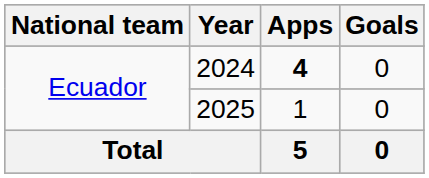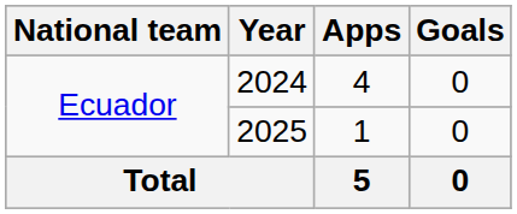 <table class=wikitable style=text-align:center>
 <tr>
 <th>National team</th>
 <th>Year</th>
 <th>Apps</th>
 <th>Goals</th>
 </tr>
 <tr>
 <td rowspan="2"><a href='#'>Ecuador</a></td>
 <td>2024</td>
-<td><strong>4</strong></td>
+<td>4</td>
 <td>0</td>
 </tr>
 <tr>
 <td>2025</td>
 <td>1</td>
 <td>0</td>
 </tr>
 <tr>
 <th colspan="2">Total</th>
 <th>5</th>
 <th>0</th>
 </tr>
 </table>
